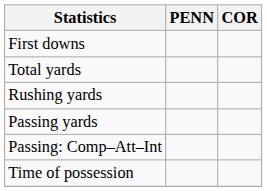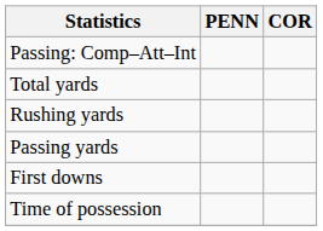 <table class="wikitable" style="float: left;">
 <tr>
 <th>Statistics</th>
 <th>PENN</th>
 <th>COR</th>
 </tr>
 <tr>
-<td>First downs</td>
+<td>Passing: Comp–Att–Int</td>
 <td></td>
 <td></td>
 </tr>
 <tr>
 <td>Total yards</td>
 <td></td>
 <td></td>
 </tr>
 <tr>
 <td>Rushing yards</td>
 <td></td>
 <td></td>
 </tr>
 <tr>
 <td>Passing yards</td>
 <td></td>
 <td></td>
 </tr>
 <tr>
-<td>Passing: Comp–Att–Int</td>
+<td>First downs</td>
 <td></td>
 <td></td>
 </tr>
 <tr>
 <td>Time of possession</td>
 <td></td>
 <td></td>
 </tr>
 <tr>
 </tr>
 </table>
